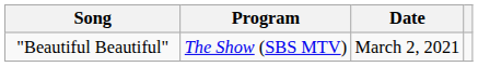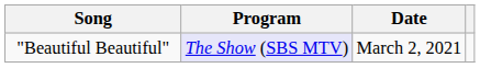 <table class="wikitable" style="text-align:center">
 <tr>
 <th width="150">Song</th>
 <th>Program</th>
 <th>Date</th>
 <th></th>
 </tr>
 <tr>
 <td rowspan="1">"Beautiful Beautiful"</td>
-<td><em><a href='#'>The Show</a></em> (<a href='#'>SBS MTV</a>)</td>
+<td style="background: lavender;"><em><a href='#'>The Show</a></em> (<a href='#'>SBS MTV</a>)</td>
 <td>March 2, 2021</td>
 <td></td>
 </tr>
 <tr>
 </tr>
 </table>
